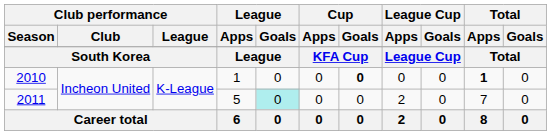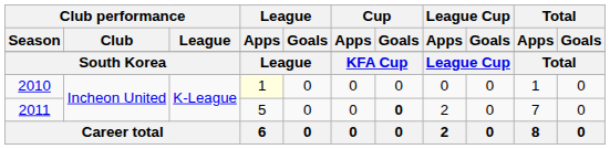 <table class="wikitable" style="text-align:center">
 <tr>
 <th colspan=3>Club performance</th>
 <th colspan=2>League</th>
 <th colspan=2>Cup</th>
 <th colspan=2>League Cup</th>
 <th colspan=2>Total</th>
 </tr>
 <tr>
 <th>Season</th>
 <th>Club</th>
 <th>League</th>
 <th>Apps</th>
 <th>Goals</th>
 <th>Apps</th>
 <th>Goals</th>
 <th>Apps</th>
 <th>Goals</th>
 <th>Apps</th>
 <th>Goals</th>
 </tr>
 <tr>
 </tr>
 <tr>
 <th colspan=3>South Korea</th>
 <th colspan=2>League</th>
 <th colspan=2><a href='#'>KFA Cup</a></th>
 <th colspan=2><a href='#'>League Cup</a></th>
 <th colspan=2>Total</th>
 </tr>
 <tr>
 <td><a href='#'>2010</a></td>
 <td rowspan="2"><a href='#'>Incheon United</a></td>
 <td rowspan="2"><a href='#'>K-League</a></td>
-<td>1</td>
+<td style="background: lightyellow;">1</td>
 <td>0</td>
 <td>0</td>
-<td><strong>0</strong></td>
 <td>0</td>
 <td>0</td>
-<td><strong>1</strong></td>
+<td>0</td>
+<td>1</td>
 <td>0</td>
 </tr>
 <tr>
 <td><a href='#'>2011</a></td>
 <td>5</td>
-<td style="background: paleturquoise;">0</td>
 <td>0</td>
 <td>0</td>
+<td><strong>0</strong></td>
 <td>2</td>
 <td>0</td>
 <td>7</td>
 <td>0</td>
 </tr>
 <tr>
 <th colspan=3>Career total</th>
 <th>6</th>
 <th>0</th>
 <th>0</th>
 <th>0</th>
 <th>2</th>
 <th>0</th>
 <th>8</th>
 <th>0</th>
 </tr>
 </table>
